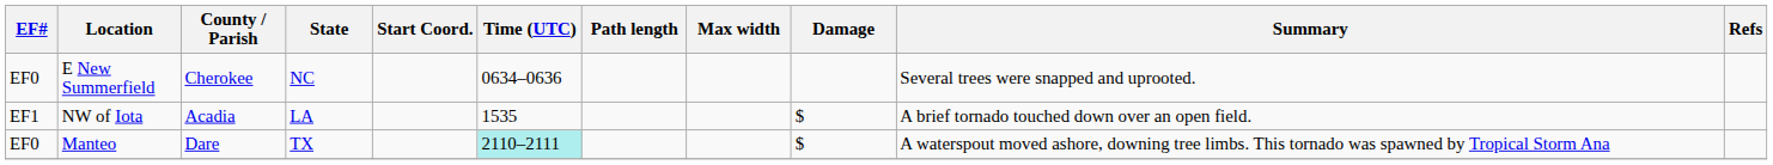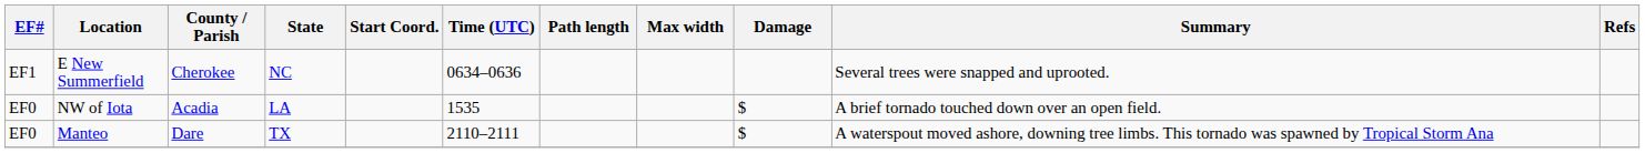 <table class="wikitable sortable" style="width:100%;">
 <tr>
 <th scope="col" width="3%" align="center"><a href='#'>EF#</a></th>
 <th scope="col" width="7%" align="center" class="unsortable">Location</th>
 <th scope="col" width="6%" align="center" class="unsortable">County / Parish</th>
 <th scope="col" width="5%" align="center">State</th>
 <th scope="col" width="6%" align="center">Start Coord.</th>
 <th scope="col" width="6%" align="center">Time (<a href='#'>UTC</a>)</th>
 <th scope="col" width="6%" align="center">Path length</th>
 <th scope="col" width="6%" align="center">Max width</th>
 <th scope="col" width="6%" align="center">Damage</th>
 <th scope="col" width="48%" class="unsortable" align="center">Summary</th>
 <th scope="col" width="48%" class="unsortable" align="center">Refs</th>
 </tr>
 <tr>
-<td>EF0</td>
+<td>EF1</td>
 <td>E <a href='#'>New Summerfield</a></td>
 <td><a href='#'>Cherokee</a></td>
 <td><a href='#'>NC</a></td>
 <td></td>
 <td>0634–0636</td>
 <td></td>
 <td></td>
 <td></td>
 <td>Several trees were snapped and uprooted.</td>
 <td></td>
 </tr>
 <tr>
-<td>EF1</td>
+<td>EF0</td>
 <td>NW of <a href='#'>Iota</a></td>
 <td><a href='#'>Acadia</a></td>
 <td><a href='#'>LA</a></td>
 <td></td>
 <td>1535</td>
 <td></td>
 <td></td>
 <td>$</td>
 <td>A brief tornado touched down over an open field.</td>
 <td></td>
 </tr>
 <tr>
 <td>EF0</td>
 <td><a href='#'>Manteo</a></td>
 <td><a href='#'>Dare</a></td>
 <td><a href='#'>TX</a></td>
 <td></td>
-<td style="background: paleturquoise;">2110–2111</td>
+<td>2110–2111</td>
 <td></td>
 <td></td>
 <td>$</td>
 <td>A waterspout moved ashore, downing tree limbs. This tornado was spawned by <a href='#'>Tropical Storm Ana</a></td>
 <td></td>
 </tr>
 <tr>
 </tr>
 </table>
